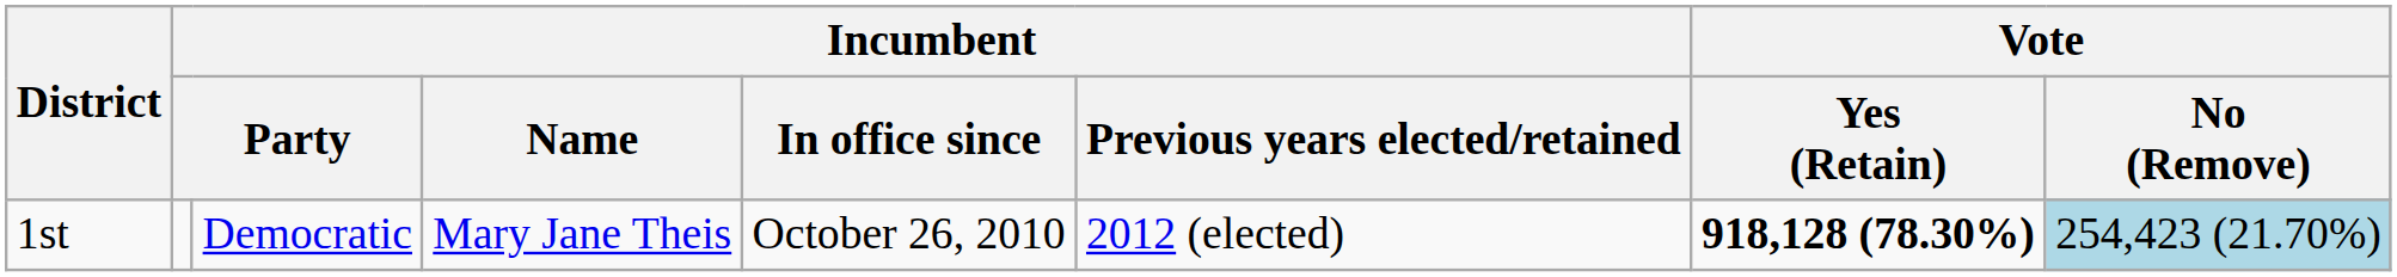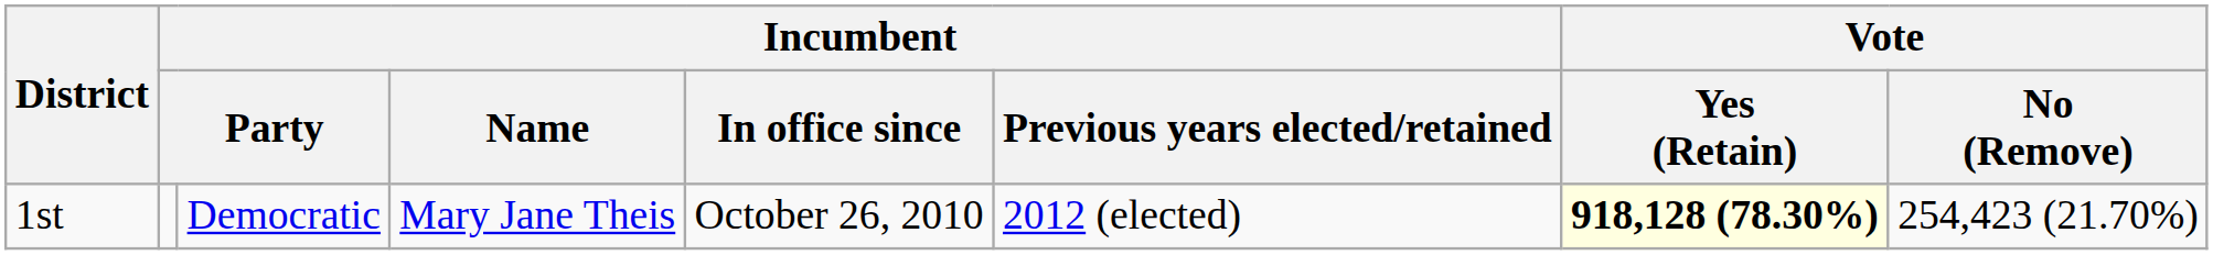 <table class="wikitable">
 <tr>
 <th rowspan =2>District</th>
 <th colspan=5>Incumbent</th>
 <th colspan="2">Vote</th>
 </tr>
 <tr>
 <th colspan="2">Party</th>
 <th>Name</th>
 <th>In office since</th>
 <th>Previous years elected/retained</th>
 <th>Yes<br>(Retain)</th>
 <th>No<br>(Remove)</th>
 </tr>
 <tr>
 <td>1st</td>
 <td style="background-color:"></td>
 <td><a href='#'>Democratic</a></td>
 <td><a href='#'>Mary Jane Theis</a></td>
 <td>October 26, 2010</td>
 <td><a href='#'>2012</a> (elected)</td>
-<td><strong>918,128 (78.30%)</strong></td>
-<td style="background: lightblue;">254,423 (21.70%)</td>
+<td style="background: lightyellow;"><strong>918,128 (78.30%)</strong></td>
+<td>254,423 (21.70%)</td>
 </tr>
 </table>
